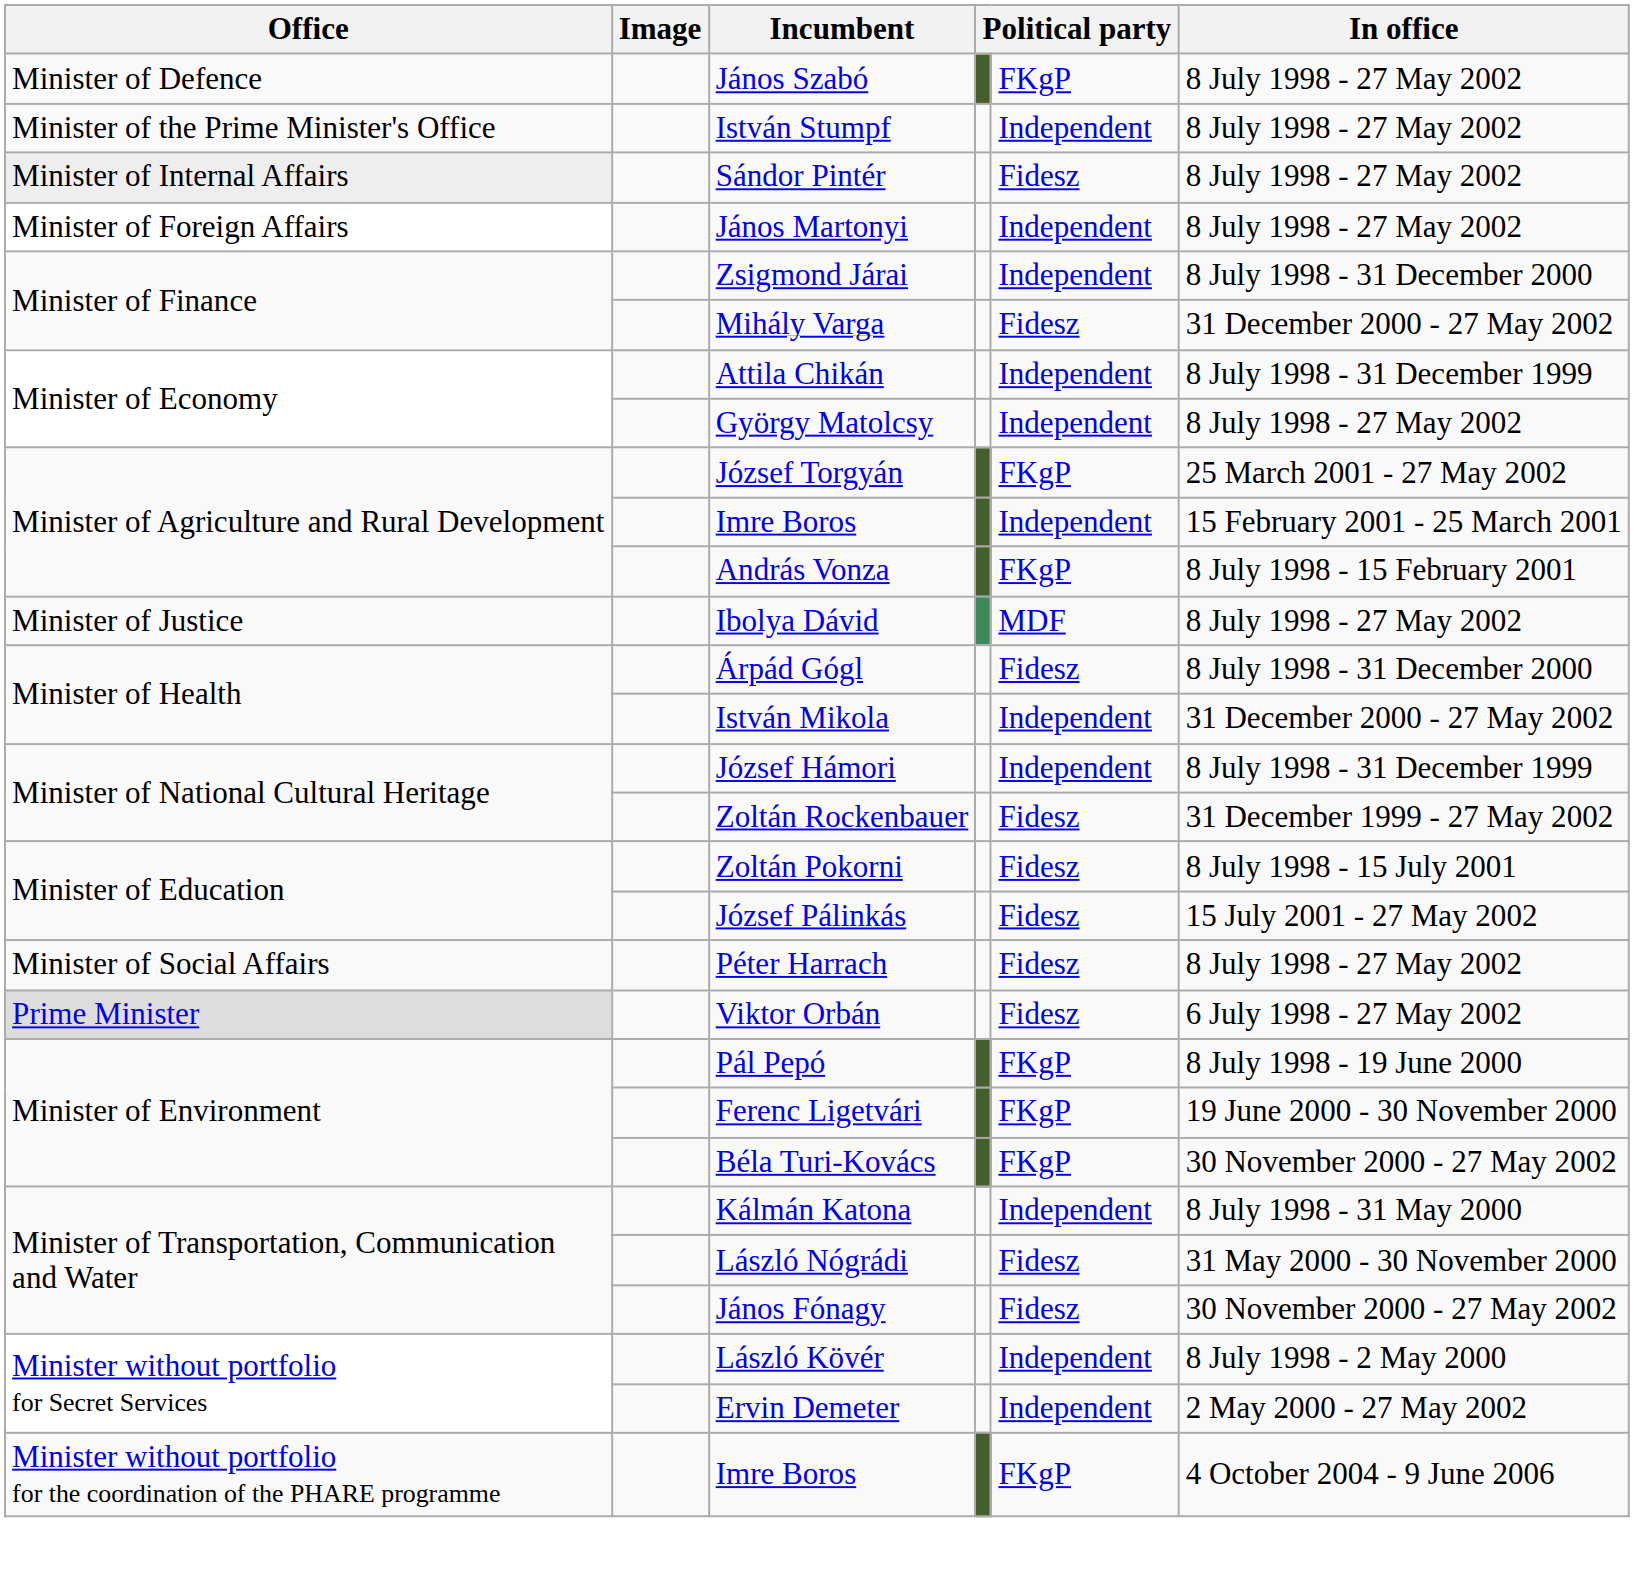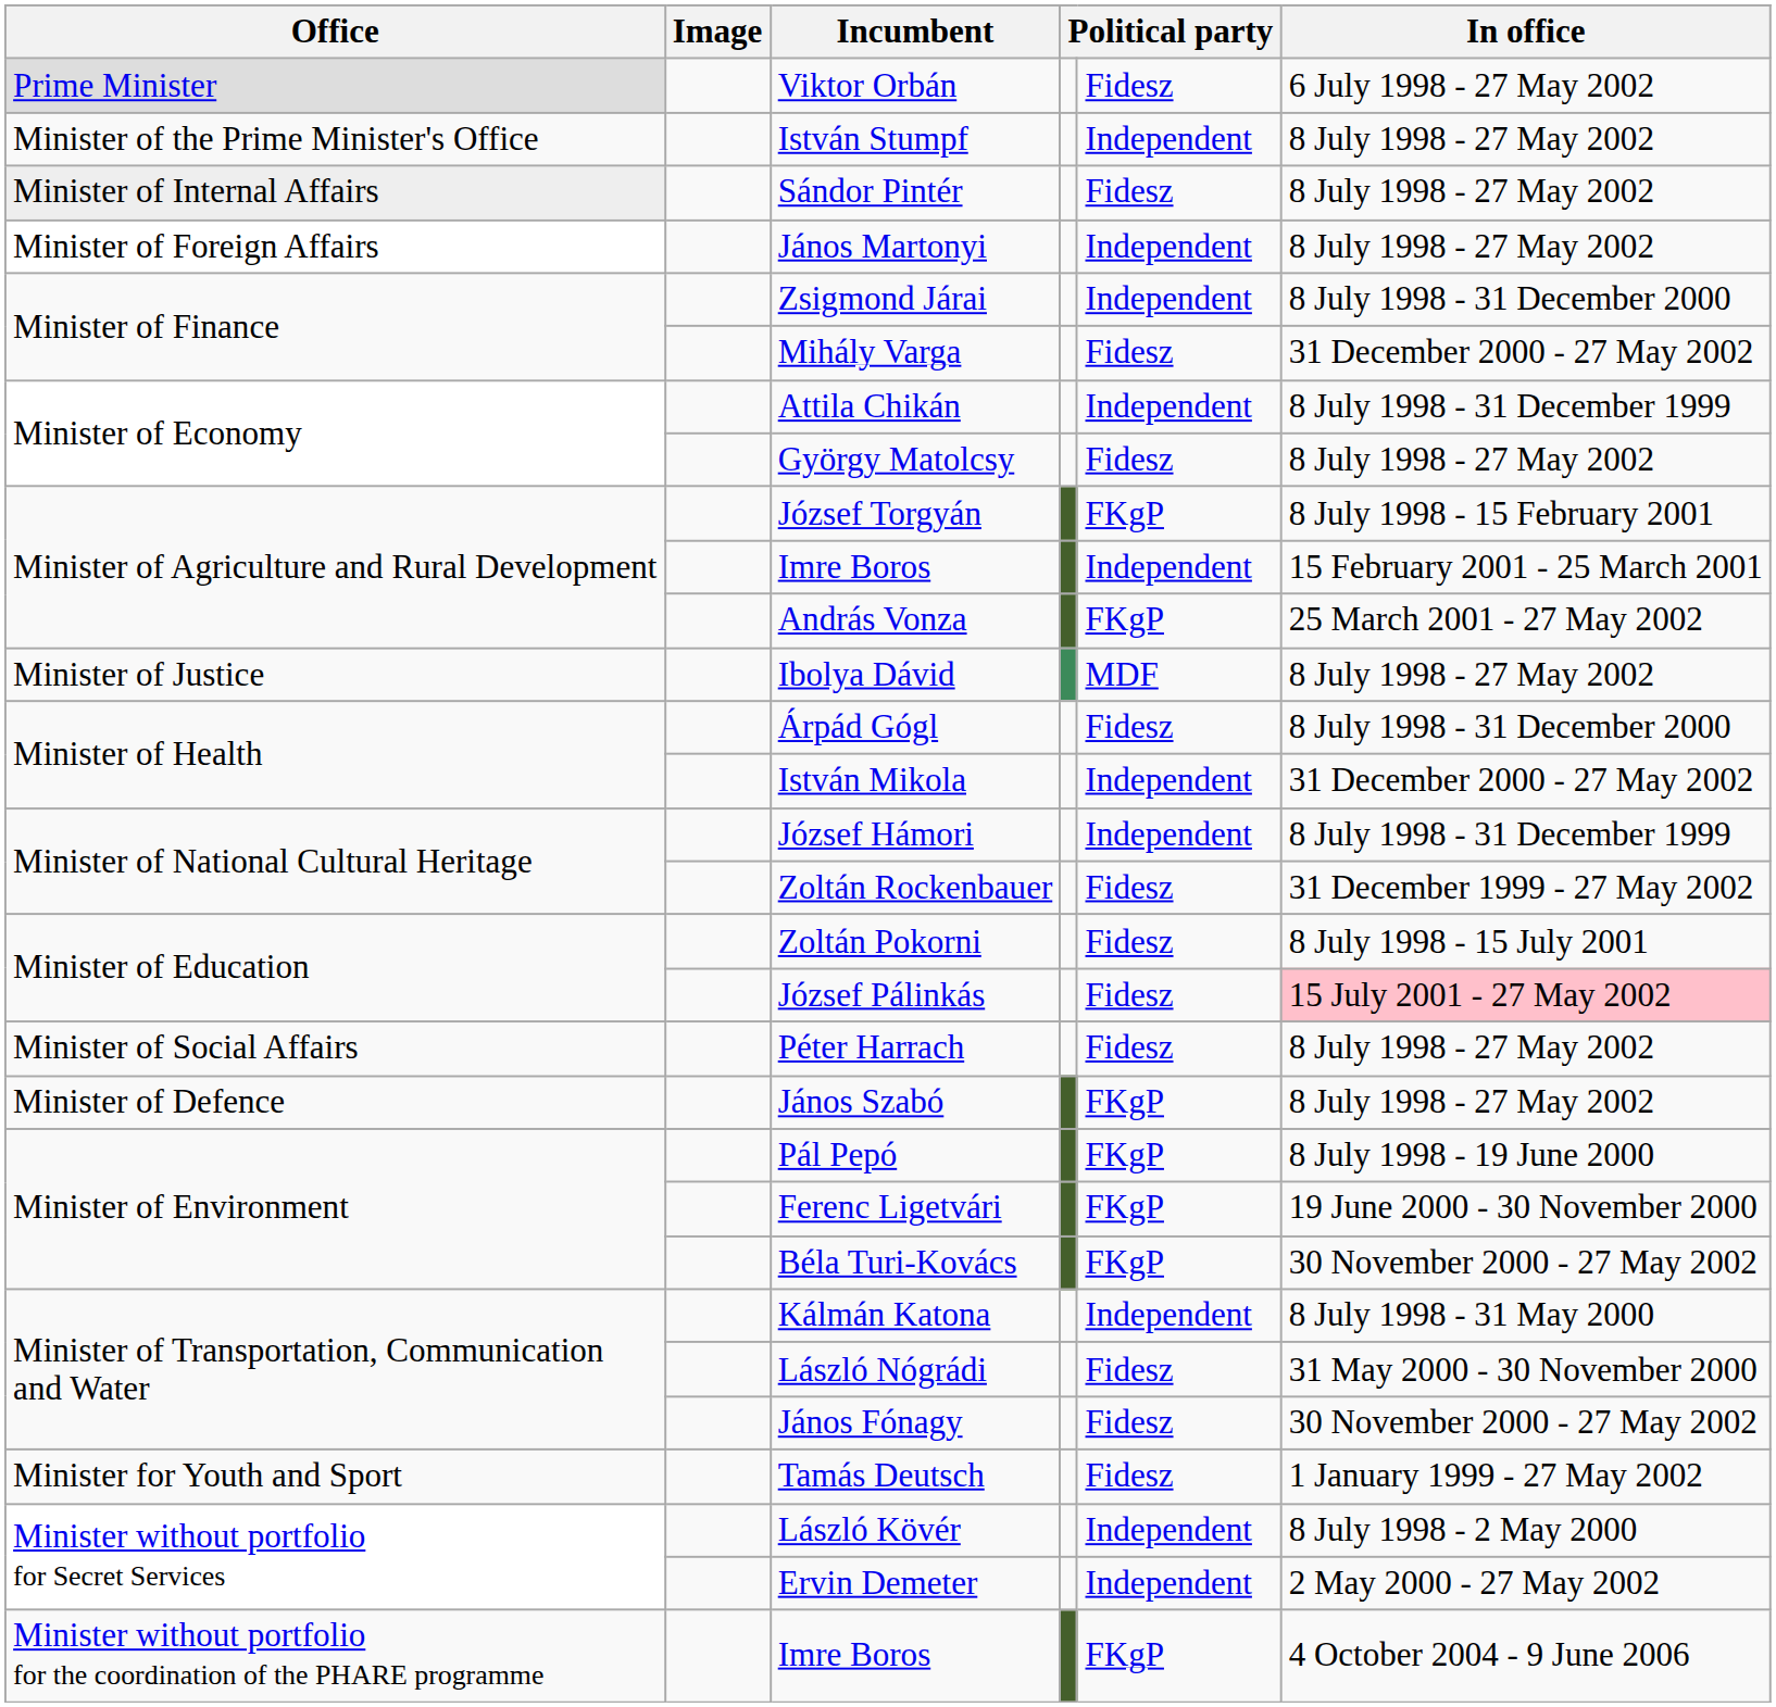 <table class="wikitable">
 <tr>
 <th>Office</th>
 <th>Image</th>
 <th>Incumbent</th>
 <th colspan="2">Political party</th>
 <th>In office</th>
 </tr>
 <tr>
-<td>Minister of Defence</td>
+<td style="background:#ddd;"><a href='#'>Prime Minister</a></td>
 <td></td>
-<td><a href='#'>János Szabó</a></td>
-<td bgcolor=#445F2B></td>
-<td><a href='#'>FKgP</a></td>
-<td>8 July 1998 - 27 May 2002</td>
+<td><a href='#'>Viktor Orbán</a></td>
+<td style="background-color: "></td>
+<td><a href='#'>Fidesz</a></td>
+<td>6 July 1998 - 27 May 2002</td>
 </tr>
 <tr>
 <td>Minister of the Prime Minister's Office</td>
 <td></td>
 <td><a href='#'>István Stumpf</a></td>
 <td style="background-color: "></td>
 <td><a href='#'>Independent</a></td>
 <td>8 July 1998 - 27 May 2002</td>
 </tr>
 <tr>
 <td style="background:#eee;">Minister of Internal Affairs</td>
 <td></td>
 <td><a href='#'>Sándor Pintér</a></td>
 <td style="background-color: "></td>
 <td><a href='#'>Fidesz</a></td>
 <td>8 July 1998 - 27 May 2002</td>
 </tr>
 <tr>
 <td style="background:#fff;">Minister of Foreign Affairs</td>
 <td></td>
 <td><a href='#'>János Martonyi</a></td>
 <td style="background-color: "></td>
 <td><a href='#'>Independent</a></td>
 <td>8 July 1998 - 27 May 2002</td>
 </tr>
 <tr>
 <td rowspan="2">Minister of Finance</td>
 <td></td>
 <td><a href='#'>Zsigmond Járai</a></td>
 <td style="background-color: "></td>
 <td><a href='#'>Independent</a></td>
 <td>8 July 1998 - 31 December 2000</td>
 </tr>
 <tr>
 <td></td>
 <td><a href='#'>Mihály Varga</a></td>
 <td style="background-color: "></td>
 <td><a href='#'>Fidesz</a></td>
 <td>31 December 2000 - 27 May 2002</td>
 </tr>
 <tr>
 <td rowspan="2" style="background:#fff;">Minister of Economy</td>
 <td></td>
 <td><a href='#'>Attila Chikán</a></td>
 <td style="background-color: "></td>
 <td><a href='#'>Independent</a></td>
 <td>8 July 1998 - 31 December 1999</td>
 </tr>
 <tr>
 <td></td>
 <td><a href='#'>György Matolcsy</a></td>
 <td style="background-color: "></td>
-<td><a href='#'>Independent</a></td>
+<td><a href='#'>Fidesz</a></td>
 <td>8 July 1998 - 27 May 2002</td>
 </tr>
 <tr>
 <td rowspan="3">Minister of Agriculture and Rural Development</td>
 <td></td>
 <td><a href='#'>József Torgyán</a></td>
 <td bgcolor=#445F2B></td>
 <td><a href='#'>FKgP</a></td>
-<td>25 March 2001 - 27 May 2002</td>
+<td>8 July 1998 - 15 February 2001</td>
 </tr>
 <tr>
 <td></td>
 <td><a href='#'>Imre Boros</a></td>
 <td bgcolor=#445F2B></td>
 <td><a href='#'>Independent</a></td>
 <td>15 February 2001 - 25 March 2001</td>
 </tr>
 <tr>
 <td></td>
 <td><a href='#'>András Vonza</a></td>
 <td bgcolor=#445F2B></td>
 <td><a href='#'>FKgP</a></td>
-<td>8 July 1998 - 15 February 2001</td>
+<td>25 March 2001 - 27 May 2002</td>
 </tr>
 <tr>
 <td>Minister of Justice</td>
 <td></td>
 <td><a href='#'>Ibolya Dávid</a></td>
 <td bgcolor=#3C8A5A></td>
 <td><a href='#'>MDF</a></td>
 <td>8 July 1998 - 27 May 2002</td>
 </tr>
 <tr>
 <td rowspan="2">Minister of Health</td>
 <td></td>
 <td><a href='#'>Árpád Gógl</a></td>
 <td style="background-color: "></td>
 <td><a href='#'>Fidesz</a></td>
 <td>8 July 1998 - 31 December 2000</td>
 </tr>
 <tr>
 <td></td>
 <td><a href='#'>István Mikola</a></td>
 <td style="background-color: "></td>
 <td><a href='#'>Independent</a></td>
 <td>31 December 2000 - 27 May 2002</td>
 </tr>
 <tr>
 <td rowspan="2">Minister of National Cultural Heritage</td>
 <td></td>
 <td><a href='#'>József Hámori</a></td>
 <td style="background-color: "></td>
 <td><a href='#'>Independent</a></td>
 <td>8 July 1998 - 31 December 1999</td>
 </tr>
 <tr>
 <td></td>
 <td><a href='#'>Zoltán Rockenbauer</a></td>
 <td style="background-color: "></td>
 <td><a href='#'>Fidesz</a></td>
 <td>31 December 1999 - 27 May 2002</td>
 </tr>
 <tr>
 <td rowspan="2">Minister of Education</td>
 <td></td>
 <td><a href='#'>Zoltán Pokorni</a></td>
 <td style="background-color: "></td>
 <td><a href='#'>Fidesz</a></td>
 <td>8 July 1998 - 15 July 2001</td>
 </tr>
 <tr>
 <td></td>
 <td><a href='#'>József Pálinkás</a></td>
 <td style="background-color: "></td>
 <td><a href='#'>Fidesz</a></td>
-<td>15 July 2001 - 27 May 2002</td>
+<td style="background: pink;">15 July 2001 - 27 May 2002</td>
 </tr>
 <tr>
 <td>Minister of Social Affairs</td>
 <td></td>
 <td><a href='#'>Péter Harrach</a></td>
 <td style="background-color: "></td>
 <td><a href='#'>Fidesz</a></td>
 <td>8 July 1998 - 27 May 2002</td>
 </tr>
 <tr>
-<td style="background:#ddd;"><a href='#'>Prime Minister</a></td>
+<td>Minister of Defence</td>
 <td></td>
-<td><a href='#'>Viktor Orbán</a></td>
-<td style="background-color: "></td>
-<td><a href='#'>Fidesz</a></td>
-<td>6 July 1998 - 27 May 2002</td>
+<td><a href='#'>János Szabó</a></td>
+<td bgcolor=#445F2B></td>
+<td><a href='#'>FKgP</a></td>
+<td>8 July 1998 - 27 May 2002</td>
 </tr>
 <tr>
 <td rowspan="3">Minister of Environment</td>
 <td></td>
 <td><a href='#'>Pál Pepó</a></td>
 <td bgcolor=#445F2B></td>
 <td><a href='#'>FKgP</a></td>
 <td>8 July 1998 - 19 June 2000</td>
 </tr>
 <tr>
 <td></td>
 <td><a href='#'>Ferenc Ligetvári</a></td>
 <td bgcolor=#445F2B></td>
 <td><a href='#'>FKgP</a></td>
 <td>19 June 2000 - 30 November 2000</td>
 </tr>
 <tr>
 <td></td>
 <td><a href='#'>Béla Turi-Kovács</a></td>
 <td bgcolor=#445F2B></td>
 <td><a href='#'>FKgP</a></td>
 <td>30 November 2000 - 27 May 2002</td>
 </tr>
 <tr>
 <td rowspan="3">Minister of Transportation, Communication<br>and Water</td>
 <td></td>
 <td><a href='#'>Kálmán Katona</a></td>
 <td style="background-color: "></td>
 <td><a href='#'>Independent</a></td>
 <td>8 July 1998 - 31 May 2000</td>
 </tr>
 <tr>
 <td></td>
 <td><a href='#'>László Nógrádi</a></td>
 <td style="background-color: "></td>
 <td><a href='#'>Fidesz</a></td>
 <td>31 May 2000 - 30 November 2000</td>
 </tr>
 <tr>
 <td></td>
 <td><a href='#'>János Fónagy</a></td>
 <td style="background-color: "></td>
 <td><a href='#'>Fidesz</a></td>
 <td>30 November 2000 - 27 May 2002</td>
 </tr>
 <tr>
+<td>Minister for Youth and Sport</td>
+<td></td>
+<td><a href='#'>Tamás Deutsch</a></td>
+<td style="background-color: "></td>
+<td><a href='#'>Fidesz</a></td>
+<td>1 January 1999 - 27 May 2002</td>
+</tr>
+<tr>
 <td rowspan="2" style="background:#fff;"><a href='#'>Minister without portfolio</a><br><small>for Secret Services</small></td>
 <td></td>
 <td><a href='#'>László Kövér</a></td>
 <td style="background-color: "></td>
 <td><a href='#'>Independent</a></td>
 <td>8 July 1998 - 2 May 2000</td>
 </tr>
 <tr>
 <td></td>
 <td><a href='#'>Ervin Demeter</a></td>
 <td style="background-color: "></td>
 <td><a href='#'>Independent</a></td>
 <td>2 May 2000 - 27 May 2002</td>
 </tr>
 <tr>
 <td><a href='#'>Minister without portfolio</a><br><small>for the coordination of the PHARE programme</small></td>
 <td></td>
 <td><a href='#'>Imre Boros</a></td>
 <td bgcolor=#445F2B></td>
 <td><a href='#'>FKgP</a></td>
 <td>4 October 2004 - 9 June 2006</td>
 </tr>
 </table>
